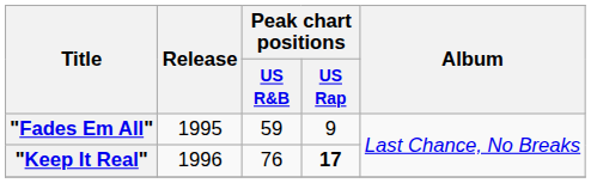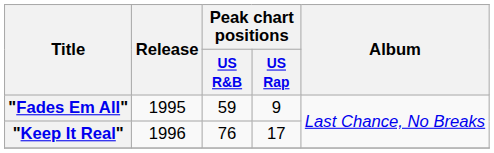 <table class="wikitable plainrowheaders" style="text-align:center;">
 <tr>
 <th rowspan="2">Title</th>
 <th rowspan="2">Release</th>
 <th colspan="2">Peak chart positions</th>
 <th rowspan="2">Album</th>
 </tr>
 <tr>
 <th width="40"><small><a href='#'>US R&B</a></small></th>
 <th width="40"><small><a href='#'>US Rap</a></small></th>
 </tr>
 <tr>
 <th scope="row">"<a href='#'>Fades Em All</a>"</th>
 <td align="center">1995</td>
 <td align="center">59</td>
 <td align="center">9</td>
 <td align="center" rowspan="2"><em><a href='#'>Last Chance, No Breaks</a></em></td>
 </tr>
 <tr>
 <th scope="row">"<a href='#'>Keep It Real</a>"</th>
 <td align="center">1996</td>
 <td align="center">76</td>
-<td align="center"><strong>17</strong></td>
+<td align="center">17</td>
 </tr>
 <tr>
 </tr>
 </table>
